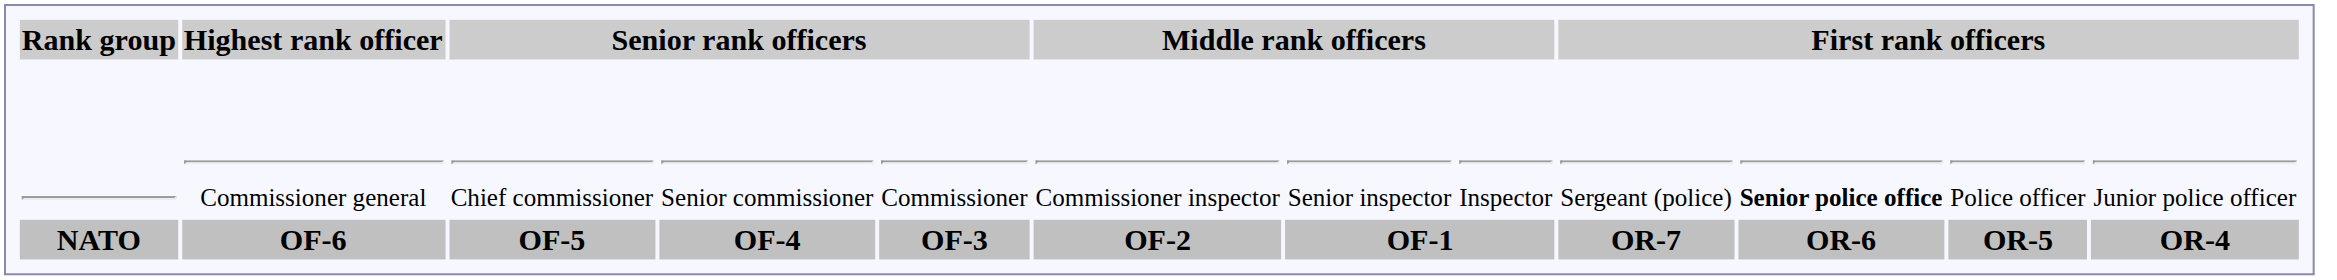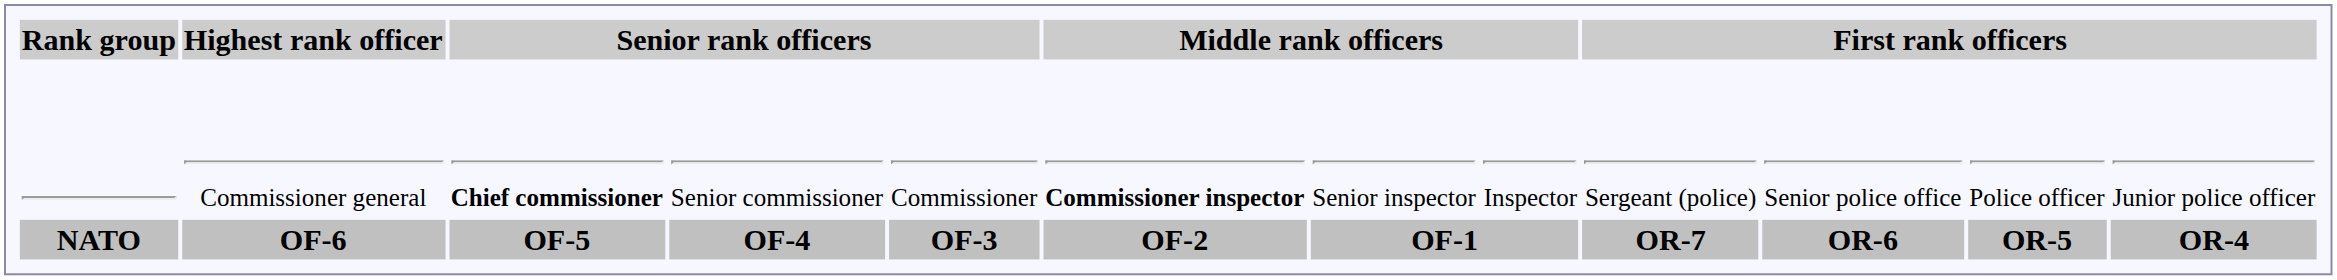 <table style="border:1px solid #8888aa; background-color:#f7f8ff; padding:5px; font-size:95%; margin: 0px 12px 12px 0px;">
 <tr style="background-color:#cccccc;">
 <th>Rank group</th>
 <th colspan="1">Highest rank officer</th>
 <th colspan="3">Senior rank officers</th>
 <th colspan="3">Middle rank officers</th>
 <th colspan="4">First rank officers</th>
 </tr>
 <tr style="text-align:center;">
 <td rowspan=1> <br></td>
 <td></td>
 <td></td>
 <td></td>
 <td></td>
 <td></td>
 <td></td>
 <td></td>
 <td></td>
 <td></td>
 <td></td>
 <td></td>
 </tr>
 <tr style="text-align:center;">
 <td><br><br><hr></td>
 <td><br><hr><small>Commissioner general</small></td>
-<td><br><hr><small>Chief commissioner</small></td>
+<td><strong><br><hr><small>Chief commissioner</small></strong></td>
 <td><br><hr><small>Senior commissioner</small></td>
 <td> <br><hr><small>Commissioner</small></td>
-<td><br><hr><small>Commissioner inspector</small></td>
+<td><strong><br><hr><small>Commissioner inspector</small></strong></td>
 <td><br><hr><small>Senior inspector</small></td>
 <td><br><hr><small>Inspector</small></td>
 <td><br><hr><small> Sergeant (police)</small></td>
-<td><strong> <br><hr><small>Senior police office</small></strong></td>
+<td> <br><hr><small>Senior police office</small></td>
 <td> <br><hr><small>Police officer</small></td>
 <td> <br><hr><small>Junior police officer</small></td>
 </tr>
 <tr style="text-align:center;" bgcolor="silver">
 <th>NATO</th>
 <th>OF-6</th>
 <th>OF-5</th>
 <th>OF-4</th>
 <th>OF-3</th>
 <th>OF-2</th>
 <th colspan = "2">OF-1</th>
 <th>OR-7</th>
 <th>OR-6</th>
 <th>OR-5</th>
 <th>OR-4</th>
 </tr>
 </table>
